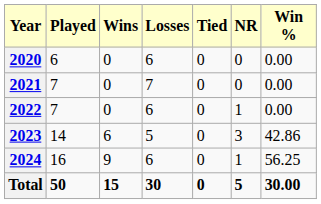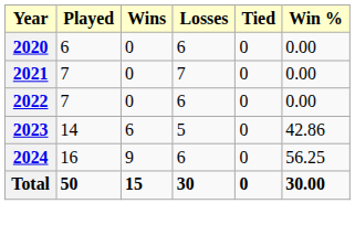 <table class="wikitable" style="width:25%;">
 <tr>
 <th style="background:#ffc;">Year</th>
 <th style="background:#ffc;">Played</th>
 <th style="background:#ffc;">Wins</th>
 <th style="background:#ffc;">Losses</th>
 <th style="background:#ffc;">Tied</th>
-<th style="background:#ffc;">NR</th>
 <th style="background:#ffc;">Win %</th>
 </tr>
 <tr>
 <th><a href='#'>2020</a></th>
 <td>6</td>
 <td>0</td>
 <td>6</td>
-<td>0</td>
 <td>0</td>
 <td>0.00</td>
 </tr>
 <tr>
 <th><a href='#'>2021</a></th>
 <td>7</td>
 <td>0</td>
 <td>7</td>
 <td>0</td>
-<td>0</td>
 <td>0.00</td>
 </tr>
 <tr>
 <th><a href='#'>2022</a></th>
 <td>7</td>
 <td>0</td>
 <td>6</td>
 <td>0</td>
-<td>1</td>
 <td>0.00</td>
 </tr>
 <tr>
 <th><a href='#'>2023</a></th>
 <td>14</td>
 <td>6</td>
 <td>5</td>
 <td>0</td>
-<td>3</td>
 <td>42.86</td>
 </tr>
 <tr>
 <th><a href='#'>2024</a></th>
 <td>16</td>
 <td>9</td>
 <td>6</td>
 <td>0</td>
-<td>1</td>
 <td>56.25</td>
 </tr>
 <tr>
 <th>Total</th>
 <td><strong>50</strong></td>
 <td><strong>15</strong></td>
 <td><strong>30</strong></td>
 <td><strong>0</strong></td>
-<td><strong>5</strong></td>
 <td><strong>30.00</strong></td>
 </tr>
 </table>
